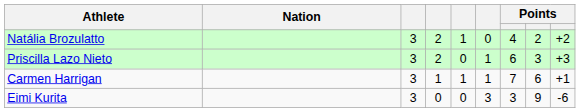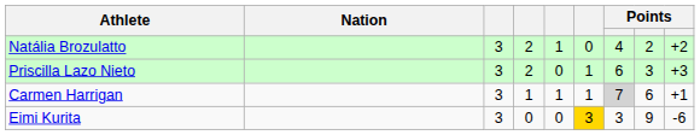 <table class="wikitable" style="text-align: center; font-size:100% ">
 <tr>
 <th rowspan=2 width=250>Athlete</th>
 <th rowspan=2 width=250>Nation</th>
 <th rowspan=2 width=25></th>
 <th rowspan=2 width=25></th>
 <th rowspan=2 width=25></th>
 <th rowspan=2 width=25></th>
 <th colspan=3>Points</th>
 </tr>
 <tr>
 <th width=25></th>
 <th width=25></th>
 <th width=25></th>
 </tr>
 <tr bgcolor="ccffcc">
 <td align=left><a href='#'>Natália Brozulatto</a></td>
 <td align=left></td>
 <td>3</td>
 <td>2</td>
 <td>1</td>
 <td>0</td>
 <td>4</td>
 <td>2</td>
 <td>+2</td>
 </tr>
 <tr bgcolor="ccffcc">
 <td align=left><a href='#'>Priscilla Lazo Nieto</a></td>
 <td align=left></td>
 <td>3</td>
 <td>2</td>
 <td>0</td>
 <td>1</td>
 <td>6</td>
 <td>3</td>
 <td>+3</td>
 </tr>
 <tr>
 <td align=left><a href='#'>Carmen Harrigan</a></td>
 <td align=left></td>
 <td>3</td>
 <td>1</td>
 <td>1</td>
 <td>1</td>
-<td>7</td>
+<td style="background: lightgrey;">7</td>
 <td>6</td>
 <td>+1</td>
 </tr>
 <tr>
 <td align=left><a href='#'>Eimi Kurita</a></td>
 <td align=left></td>
 <td>3</td>
 <td>0</td>
 <td>0</td>
-<td>3</td>
+<td style="background: gold;">3</td>
 <td>3</td>
 <td>9</td>
 <td>-6</td>
 </tr>
 </table>
